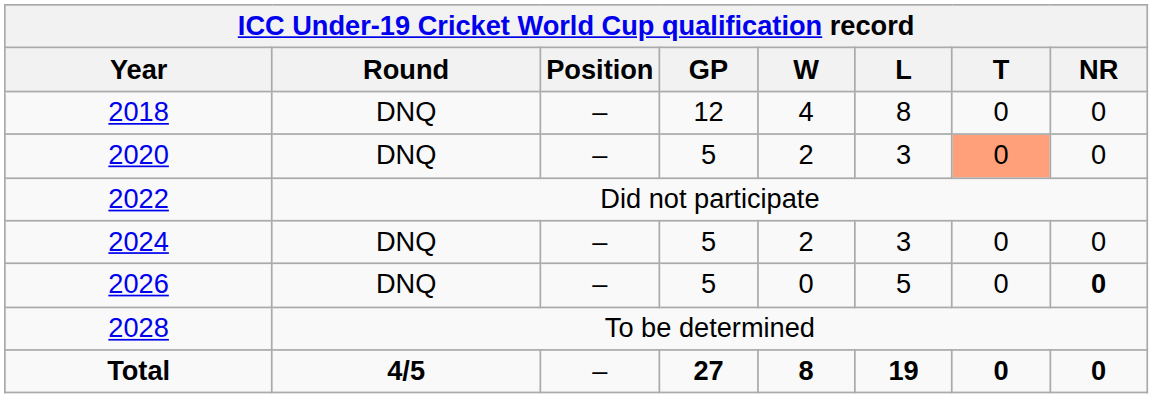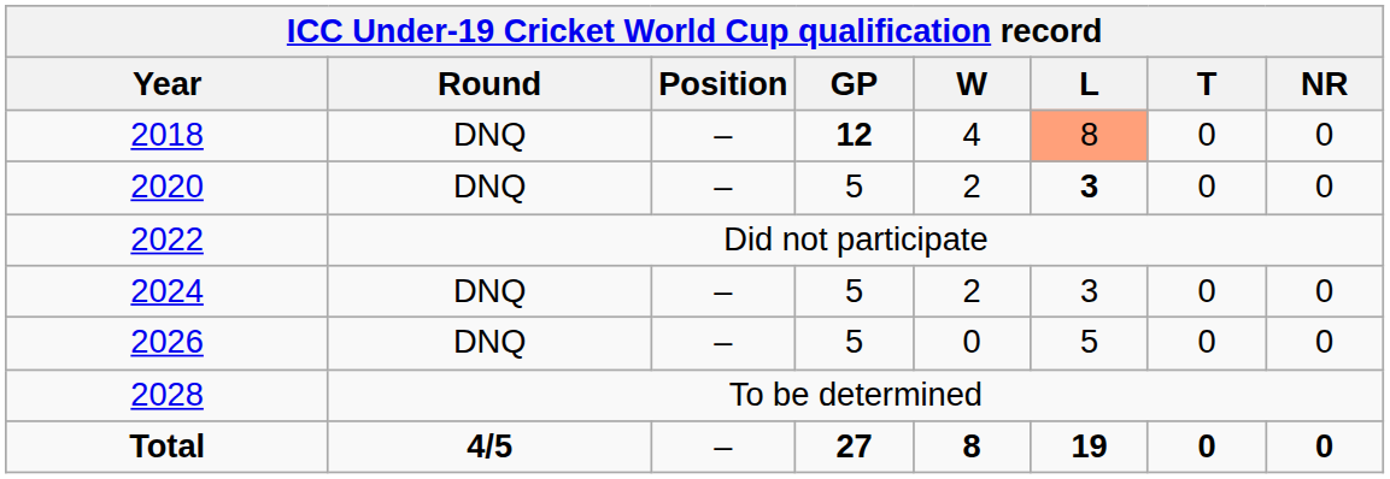 <table class="wikitable" style="text-align: center; width=900px;">
 <tr>
 <th colspan=9><a href='#'>ICC Under-19 Cricket World Cup qualification</a> record</th>
 </tr>
 <tr>
 <th width=150>Year</th>
 <th width=150>Round</th>
 <th width=50>Position</th>
 <th width=50>GP</th>
 <th width=50>W</th>
 <th width=50>L</th>
 <th width=50>T</th>
 <th width=50>NR</th>
 </tr>
 <tr>
 <td> <a href='#'>2018</a></td>
 <td>DNQ</td>
 <td>–</td>
-<td>12</td>
+<td><strong>12</strong></td>
 <td>4</td>
-<td>8</td>
+<td style="background: lightsalmon;">8</td>
 <td>0</td>
 <td>0</td>
 </tr>
 <tr>
 <td> <a href='#'>2020</a></td>
 <td>DNQ</td>
 <td>–</td>
 <td>5</td>
 <td>2</td>
-<td>3</td>
-<td style="background: lightsalmon;">0</td>
+<td><strong>3</strong></td>
+<td>0</td>
 <td>0</td>
 </tr>
 <tr>
 <td> <a href='#'>2022</a></td>
 <td colspan=8>Did not participate</td>
 </tr>
 <tr>
 <td> <a href='#'>2024</a></td>
 <td>DNQ</td>
 <td>–</td>
 <td>5</td>
 <td>2</td>
 <td>3</td>
 <td>0</td>
 <td>0</td>
 </tr>
 <tr>
 <td> <a href='#'>2026</a></td>
 <td>DNQ</td>
 <td>–</td>
 <td>5</td>
 <td>0</td>
 <td>5</td>
 <td>0</td>
-<td><strong>0</strong></td>
+<td>0</td>
 </tr>
 <tr>
 <td> <a href='#'>2028</a></td>
 <td rowspan=1 colspan=8>To be determined</td>
 </tr>
 <tr>
 <td><strong>Total</strong></td>
 <td><strong>4/5</strong></td>
 <td>–</td>
 <td><strong>27</strong></td>
 <td><strong>8</strong></td>
 <td><strong>19</strong></td>
 <td><strong>0</strong></td>
 <td><strong>0</strong></td>
 </tr>
 </table>
